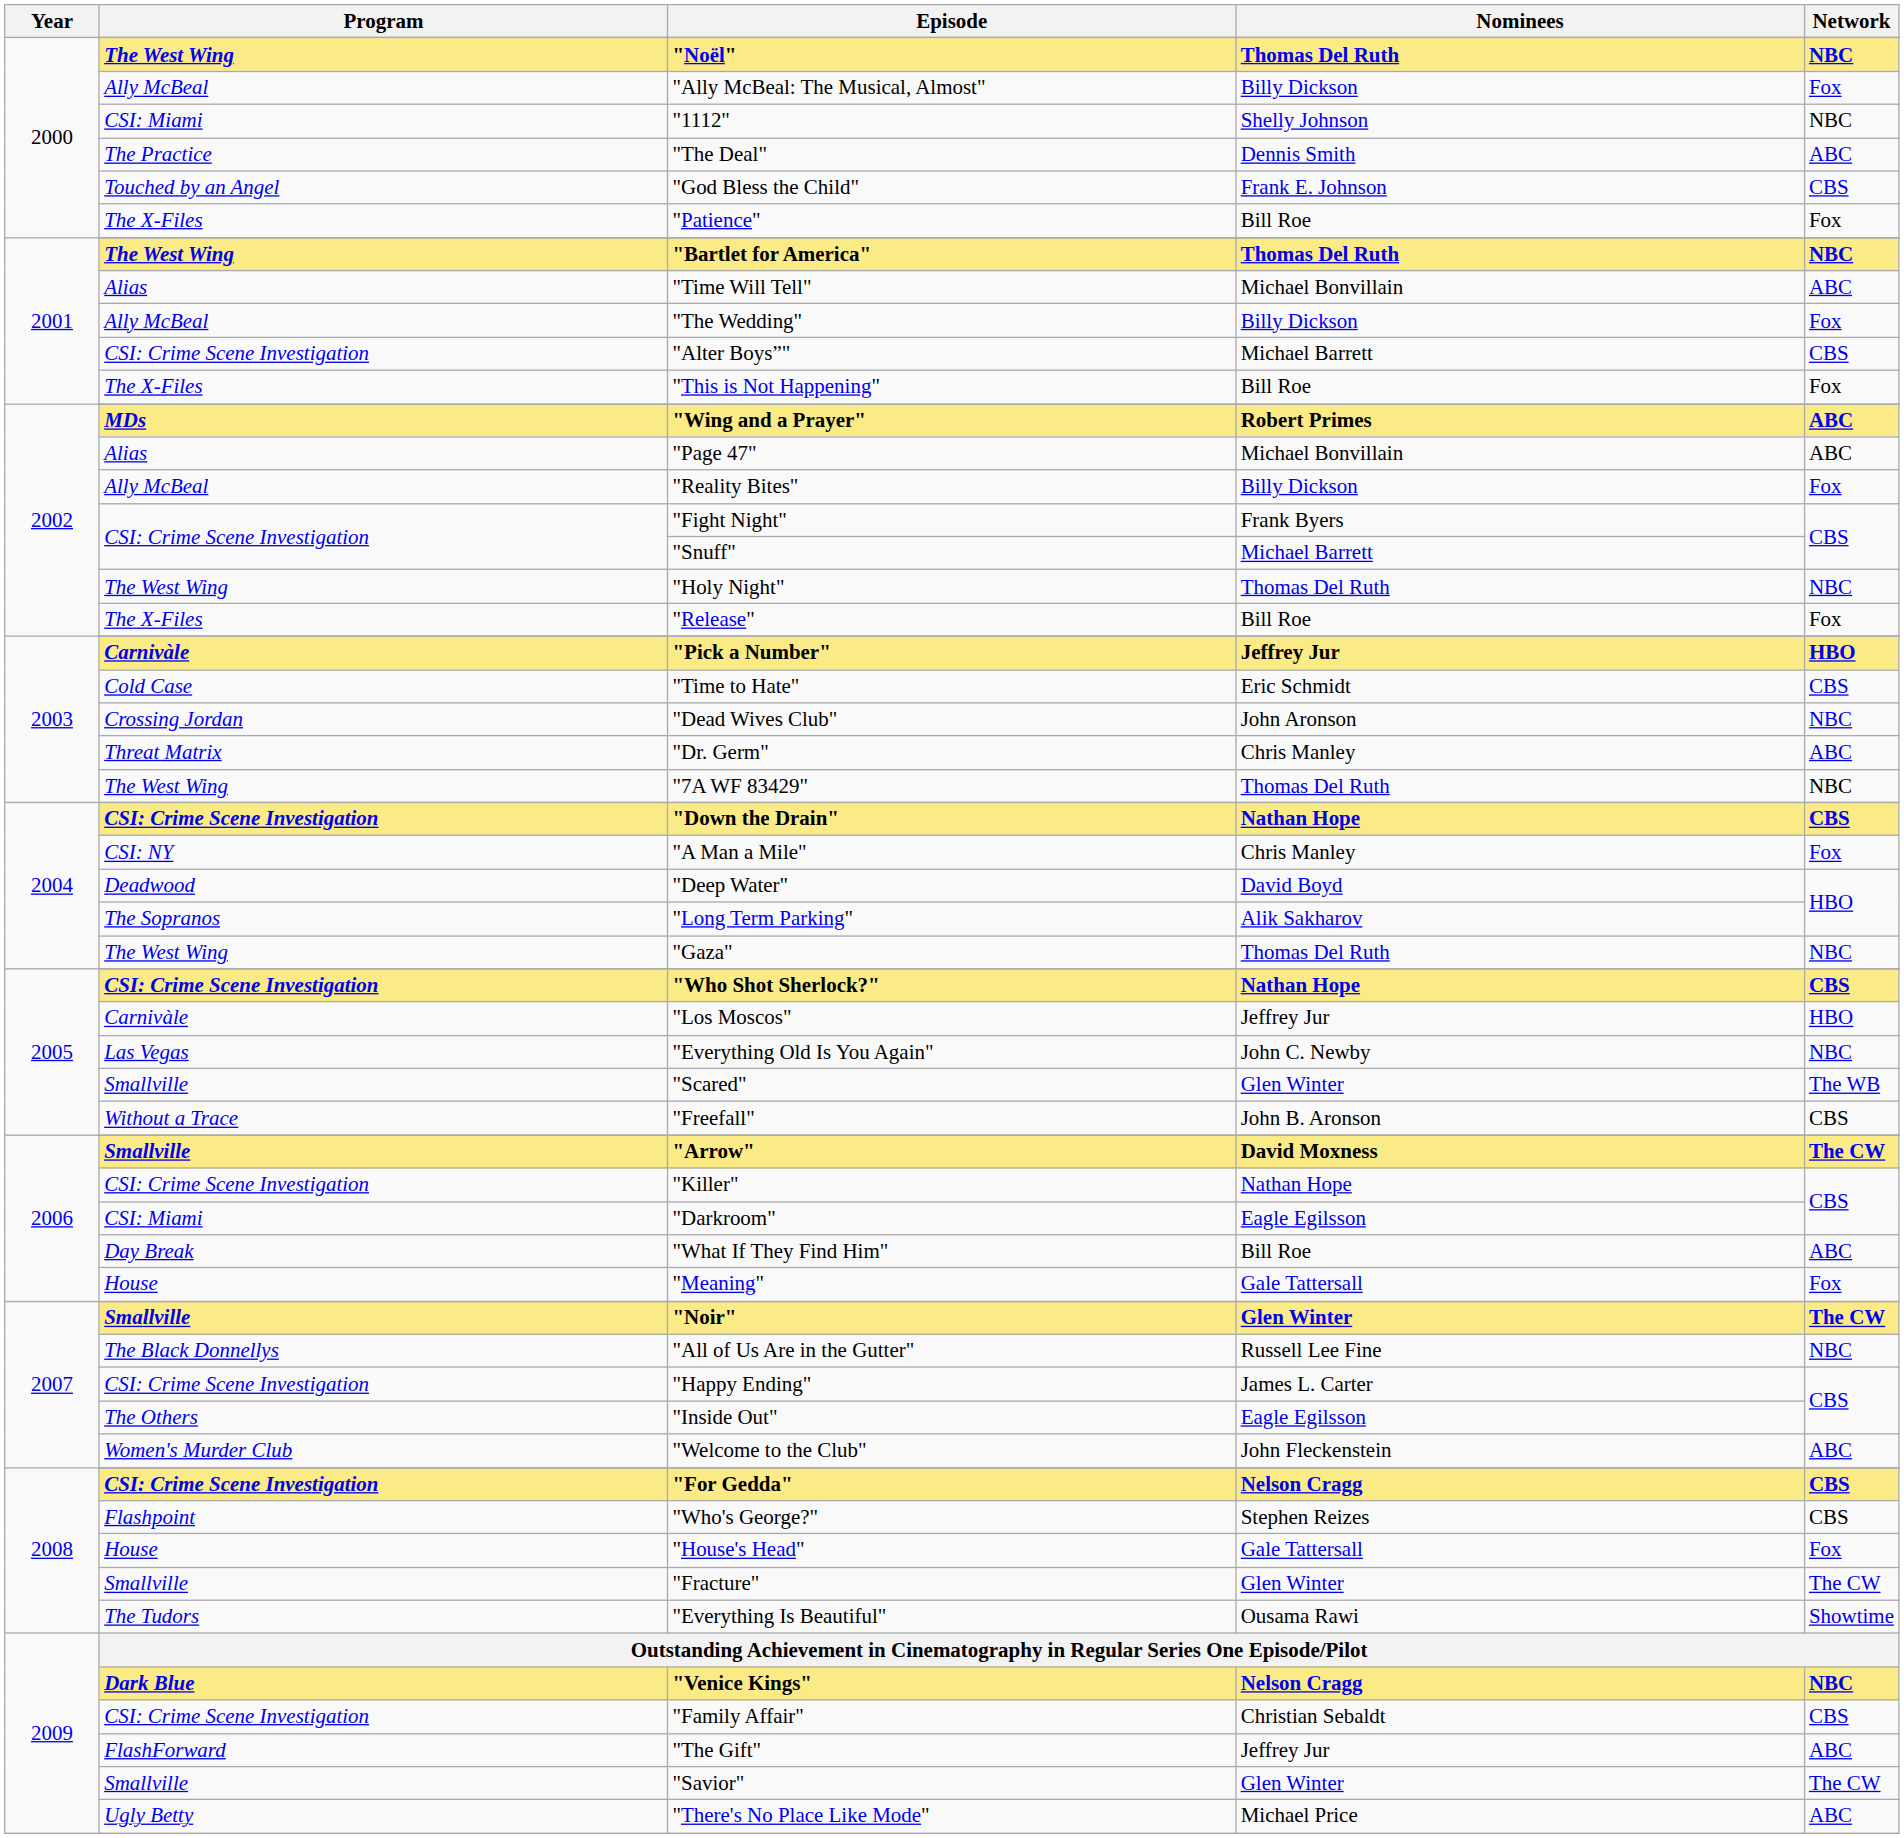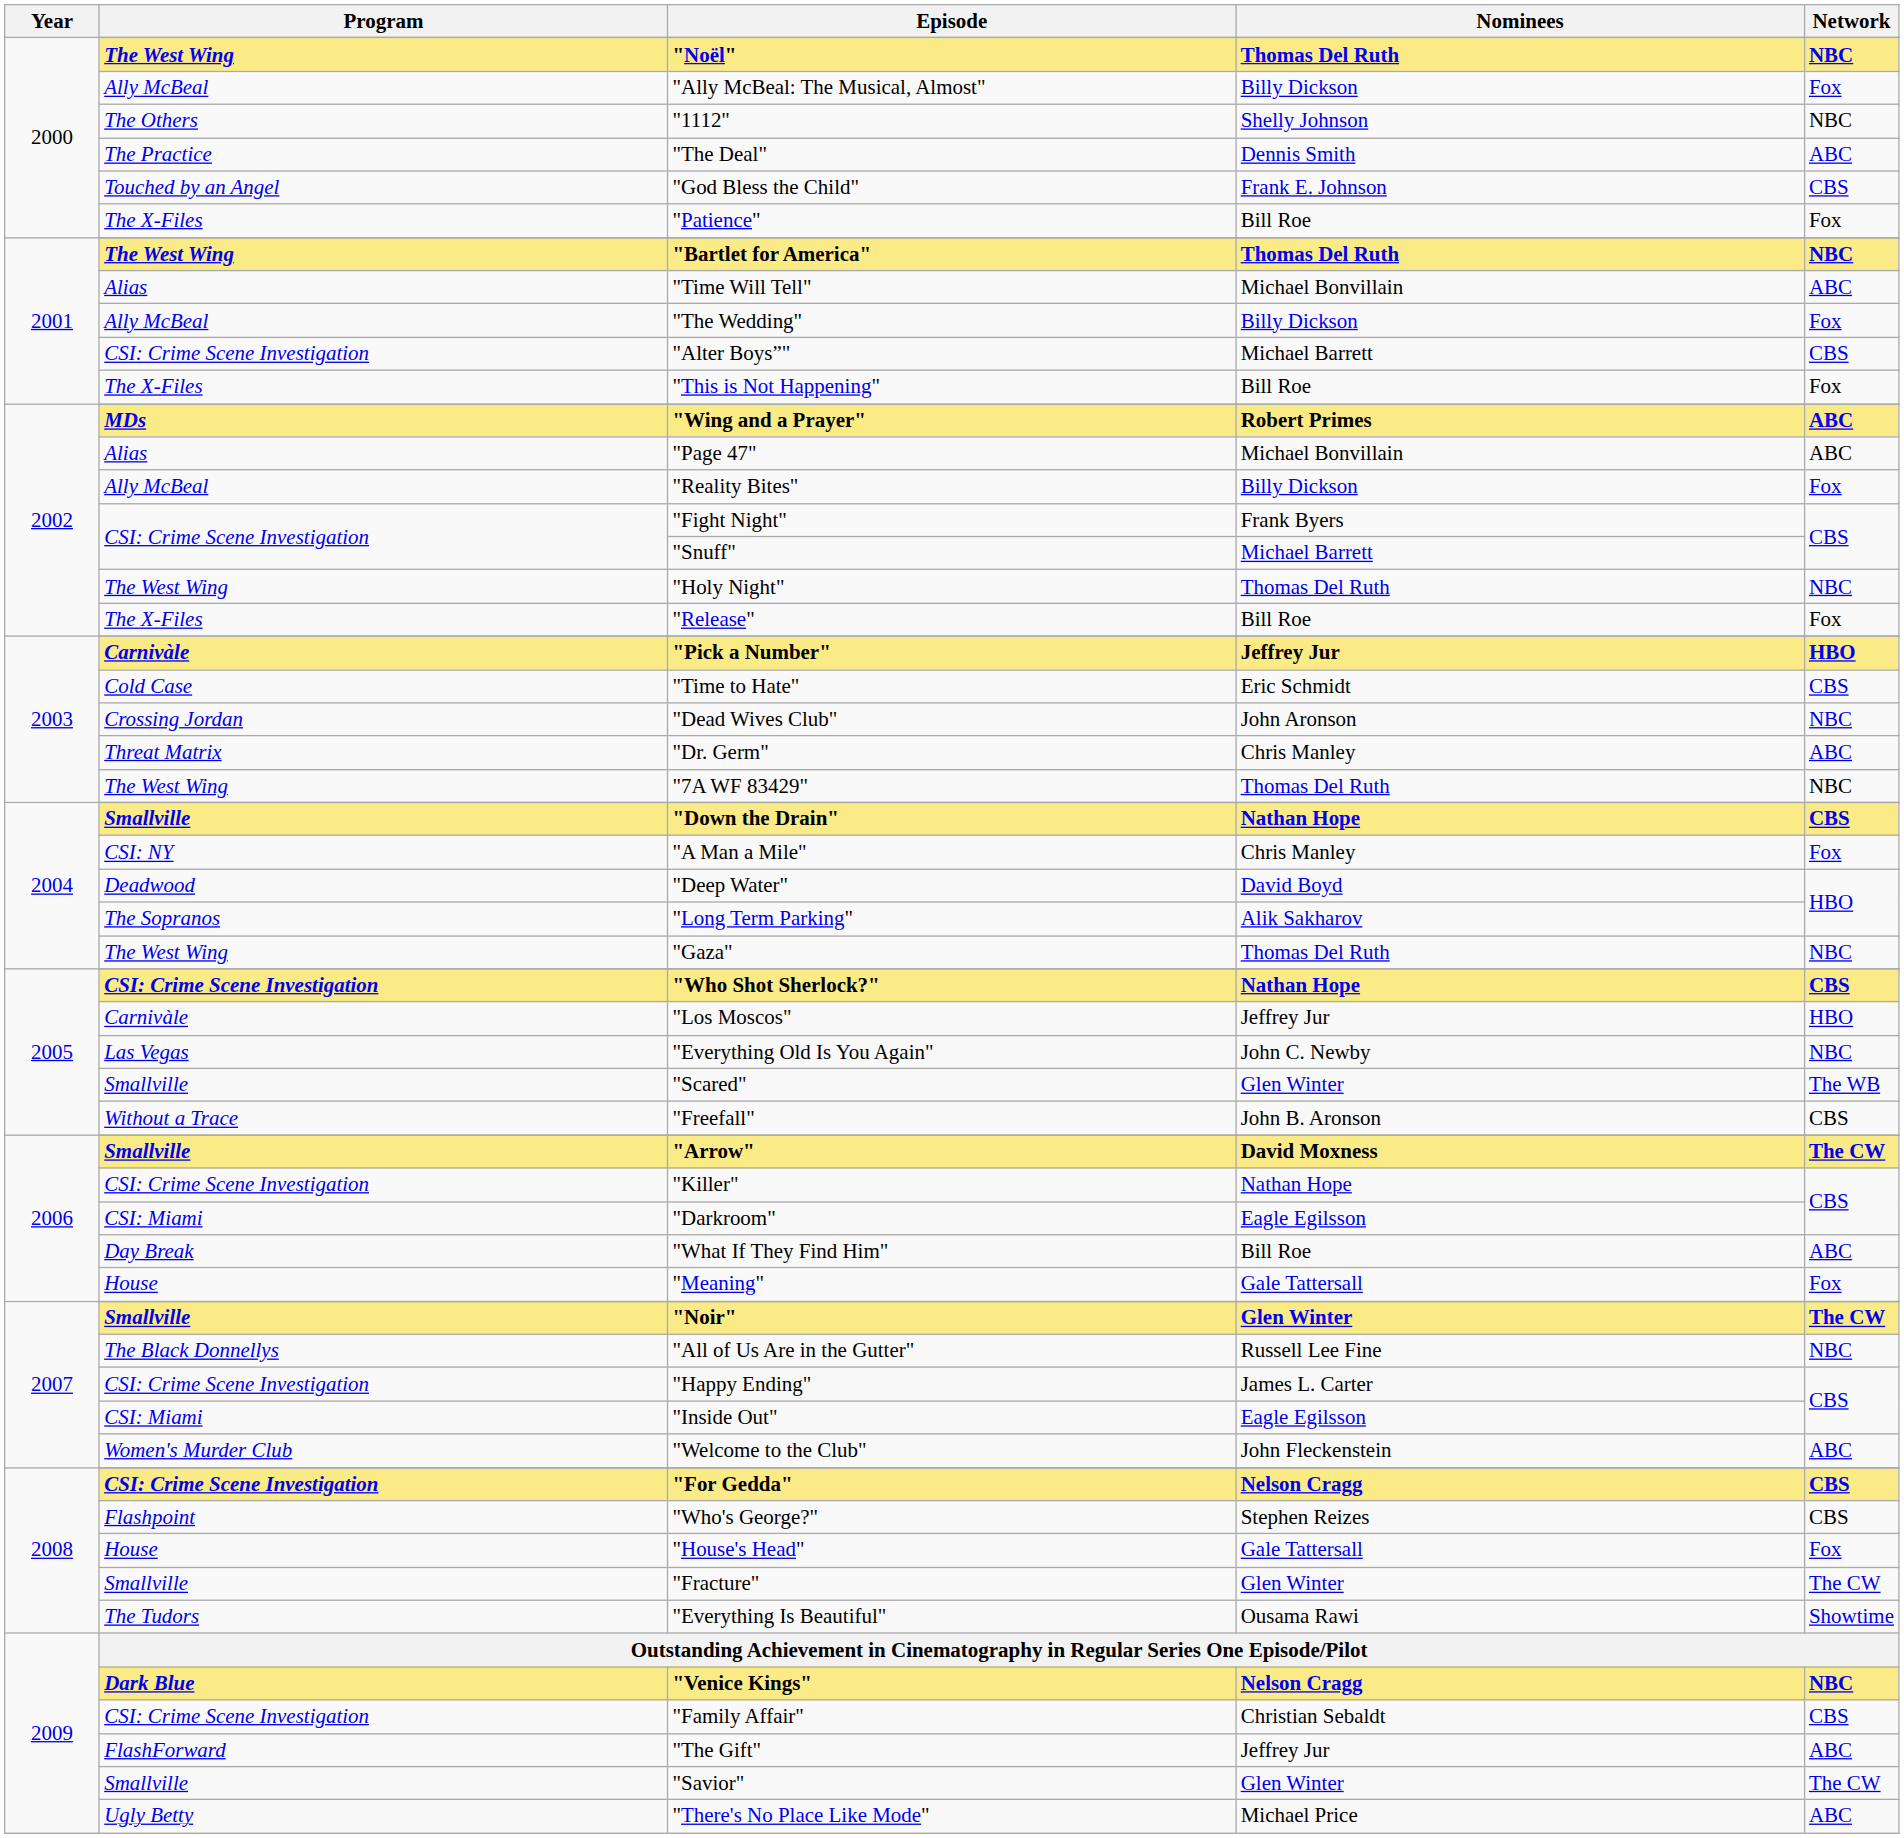 <table class="wikitable">
 <tr>
 <th width="5%">Year</th>
 <th width="30%">Program</th>
 <th width="30%">Episode</th>
 <th width="30%">Nominees</th>
 <th width="5%">Network</th>
 </tr>
 <tr>
 <td rowspan="7" style="text-align:center;">2000<br></td>
 </tr>
 <tr style="background:#FAEB86;">
 <td><strong><em><a href='#'>The West Wing</a></em></strong></td>
 <td><strong>"<a href='#'>Noël</a>"</strong></td>
 <td><strong><a href='#'>Thomas Del Ruth</a></strong></td>
 <td><strong><a href='#'>NBC</a></strong></td>
 </tr>
 <tr>
 <td><em><a href='#'>Ally McBeal</a></em></td>
 <td>"Ally McBeal: The Musical, Almost"</td>
 <td><a href='#'>Billy Dickson</a></td>
 <td><a href='#'>Fox</a></td>
 </tr>
 <tr>
-<td><em><a href='#'>CSI: Miami</a></em></td>
+<td><em><a href='#'>The Others</a></em></td>
 <td>"1112"</td>
 <td><a href='#'>Shelly Johnson</a></td>
 <td>NBC</td>
 </tr>
 <tr>
 <td><em><a href='#'>The Practice</a></em></td>
 <td>"The Deal"</td>
 <td><a href='#'>Dennis Smith</a></td>
 <td><a href='#'>ABC</a></td>
 </tr>
 <tr>
 <td><em><a href='#'>Touched by an Angel</a></em></td>
 <td>"God Bless the Child"</td>
 <td><a href='#'>Frank E. Johnson</a></td>
 <td><a href='#'>CBS</a></td>
 </tr>
 <tr>
 <td><em><a href='#'>The X-Files</a></em></td>
 <td>"<a href='#'>Patience</a>"</td>
 <td>Bill Roe</td>
 <td>Fox</td>
 </tr>
 <tr>
 <td rowspan="6" style="text-align:center;"><a href='#'>2001</a><br></td>
 </tr>
 <tr style="background:#FAEB86;">
 <td><strong><em><a href='#'>The West Wing</a></em></strong></td>
 <td><strong>"Bartlet for America"</strong></td>
 <td><strong><a href='#'>Thomas Del Ruth</a></strong></td>
 <td><strong><a href='#'>NBC</a></strong></td>
 </tr>
 <tr>
 <td><em><a href='#'>Alias</a></em></td>
 <td>"Time Will Tell"</td>
 <td>Michael Bonvillain</td>
 <td><a href='#'>ABC</a></td>
 </tr>
 <tr>
 <td><em><a href='#'>Ally McBeal</a></em></td>
 <td>"The Wedding"</td>
 <td><a href='#'>Billy Dickson</a></td>
 <td><a href='#'>Fox</a></td>
 </tr>
 <tr>
 <td><em><a href='#'>CSI: Crime Scene Investigation</a></em></td>
 <td>"Alter Boys”"</td>
 <td>Michael Barrett</td>
 <td><a href='#'>CBS</a></td>
 </tr>
 <tr>
 <td><em><a href='#'>The X-Files</a></em></td>
 <td>"<a href='#'>This is Not Happening</a>"</td>
 <td>Bill Roe</td>
 <td>Fox</td>
 </tr>
 <tr>
 <td rowspan="8" style="text-align:center;"><a href='#'>2002</a><br></td>
 </tr>
 <tr style="background:#FAEB86;">
 <td><strong><em><a href='#'>MDs</a></em></strong></td>
 <td><strong>"Wing and a Prayer"</strong></td>
 <td><strong>Robert Primes</strong></td>
 <td><strong><a href='#'>ABC</a></strong></td>
 </tr>
 <tr>
 <td><em><a href='#'>Alias</a></em></td>
 <td>"Page 47"</td>
 <td>Michael Bonvillain</td>
 <td>ABC</td>
 </tr>
 <tr>
 <td><em><a href='#'>Ally McBeal</a></em></td>
 <td>"Reality Bites"</td>
 <td><a href='#'>Billy Dickson</a></td>
 <td><a href='#'>Fox</a></td>
 </tr>
 <tr>
 <td rowspan=2><em><a href='#'>CSI: Crime Scene Investigation</a></em></td>
 <td>"Fight Night"</td>
 <td>Frank Byers</td>
 <td rowspan=2><a href='#'>CBS</a></td>
 </tr>
 <tr>
 <td>"Snuff"</td>
 <td><a href='#'>Michael Barrett</a></td>
 </tr>
 <tr>
 <td><em><a href='#'>The West Wing</a></em></td>
 <td>"Holy Night"</td>
 <td><a href='#'>Thomas Del Ruth</a></td>
 <td><a href='#'>NBC</a></td>
 </tr>
 <tr>
 <td><em><a href='#'>The X-Files</a></em></td>
 <td>"<a href='#'>Release</a>"</td>
 <td>Bill Roe</td>
 <td>Fox</td>
 </tr>
 <tr>
 <td rowspan="6" style="text-align:center;"><a href='#'>2003</a><br></td>
 </tr>
 <tr style="background:#FAEB86;">
 <td><strong><em><a href='#'>Carnivàle</a></em></strong></td>
 <td><strong>"Pick a Number"</strong></td>
 <td><strong>Jeffrey Jur</strong></td>
 <td><strong><a href='#'>HBO</a></strong></td>
 </tr>
 <tr>
 <td><em><a href='#'>Cold Case</a></em></td>
 <td>"Time to Hate"</td>
 <td>Eric Schmidt</td>
 <td><a href='#'>CBS</a></td>
 </tr>
 <tr>
 <td><em><a href='#'>Crossing Jordan</a></em></td>
 <td>"Dead Wives Club"</td>
 <td>John Aronson</td>
 <td><a href='#'>NBC</a></td>
 </tr>
 <tr>
 <td><em><a href='#'>Threat Matrix</a></em></td>
 <td>"Dr. Germ"</td>
 <td>Chris Manley</td>
 <td><a href='#'>ABC</a></td>
 </tr>
 <tr>
 <td><em><a href='#'>The West Wing</a></em></td>
 <td>"7A WF 83429"</td>
 <td><a href='#'>Thomas Del Ruth</a></td>
 <td>NBC</td>
 </tr>
 <tr>
 <td rowspan="6" style="text-align:center;"><a href='#'>2004</a><br></td>
 </tr>
 <tr style="background:#FAEB86;">
-<td><strong><em><a href='#'>CSI: Crime Scene Investigation</a></em></strong></td>
+<td><strong><em><a href='#'>Smallville</a></em></strong></td>
 <td><strong>"Down the Drain"</strong></td>
 <td><strong><a href='#'>Nathan Hope</a></strong></td>
 <td><strong><a href='#'>CBS</a></strong></td>
 </tr>
 <tr>
 <td><em><a href='#'>CSI: NY</a></em></td>
 <td>"A Man a Mile"</td>
 <td>Chris Manley</td>
 <td><a href='#'>Fox</a></td>
 </tr>
 <tr>
 <td><em><a href='#'>Deadwood</a></em></td>
 <td>"Deep Water"</td>
 <td><a href='#'>David Boyd</a></td>
 <td rowspan=2><a href='#'>HBO</a></td>
 </tr>
 <tr>
 <td><em><a href='#'>The Sopranos</a></em></td>
 <td>"<a href='#'>Long Term Parking</a>"</td>
 <td><a href='#'>Alik Sakharov</a></td>
 </tr>
 <tr>
 <td><em><a href='#'>The West Wing</a></em></td>
 <td>"Gaza"</td>
 <td><a href='#'>Thomas Del Ruth</a></td>
 <td><a href='#'>NBC</a></td>
 </tr>
 <tr>
 <td rowspan="6" style="text-align:center;"><a href='#'>2005</a><br></td>
 </tr>
 <tr style="background:#FAEB86;">
 <td><strong><em><a href='#'>CSI: Crime Scene Investigation</a></em></strong></td>
 <td><strong>"Who Shot Sherlock?"</strong></td>
 <td><strong><a href='#'>Nathan Hope</a></strong></td>
 <td><strong><a href='#'>CBS</a></strong></td>
 </tr>
 <tr>
 <td><em><a href='#'>Carnivàle</a></em></td>
 <td>"Los Moscos"</td>
 <td>Jeffrey Jur</td>
 <td><a href='#'>HBO</a></td>
 </tr>
 <tr>
 <td><em><a href='#'>Las Vegas</a></em></td>
 <td>"Everything Old Is You Again"</td>
 <td>John C. Newby</td>
 <td><a href='#'>NBC</a></td>
 </tr>
 <tr>
 <td><em><a href='#'>Smallville</a></em></td>
 <td>"Scared"</td>
 <td><a href='#'>Glen Winter</a></td>
 <td><a href='#'>The WB</a></td>
 </tr>
 <tr>
 <td><em><a href='#'>Without a Trace</a></em></td>
 <td>"Freefall"</td>
 <td>John B. Aronson</td>
 <td>CBS</td>
 </tr>
 <tr>
 <td rowspan="6" style="text-align:center;"><a href='#'>2006</a><br></td>
 </tr>
 <tr style="background:#FAEB86;">
 <td><strong><em><a href='#'>Smallville</a></em></strong></td>
 <td><strong>"Arrow"</strong></td>
 <td><strong>David Moxness</strong></td>
 <td><strong><a href='#'>The CW</a></strong></td>
 </tr>
 <tr>
 <td><em><a href='#'>CSI: Crime Scene Investigation</a></em></td>
 <td>"Killer"</td>
 <td><a href='#'>Nathan Hope</a></td>
 <td rowspan=2><a href='#'>CBS</a></td>
 </tr>
 <tr>
 <td><em><a href='#'>CSI: Miami</a></em></td>
 <td>"Darkroom"</td>
 <td><a href='#'>Eagle Egilsson</a></td>
 </tr>
 <tr>
 <td><em><a href='#'>Day Break</a></em></td>
 <td>"What If They Find Him"</td>
 <td>Bill Roe</td>
 <td><a href='#'>ABC</a></td>
 </tr>
 <tr>
 <td><em><a href='#'>House</a></em></td>
 <td>"<a href='#'>Meaning</a>"</td>
 <td><a href='#'>Gale Tattersall</a></td>
 <td><a href='#'>Fox</a></td>
 </tr>
 <tr>
 <td rowspan="6" style="text-align:center;"><a href='#'>2007</a><br></td>
 </tr>
 <tr style="background:#FAEB86;">
 <td><strong><em><a href='#'>Smallville</a></em></strong></td>
 <td><strong>"Noir"</strong></td>
 <td><strong><a href='#'>Glen Winter</a></strong></td>
 <td><strong><a href='#'>The CW</a></strong></td>
 </tr>
 <tr>
 <td><em><a href='#'>The Black Donnellys</a></em></td>
 <td>"All of Us Are in the Gutter"</td>
 <td>Russell Lee Fine</td>
 <td><a href='#'>NBC</a></td>
 </tr>
 <tr>
 <td><em><a href='#'>CSI: Crime Scene Investigation</a></em></td>
 <td>"Happy Ending"</td>
 <td>James L. Carter</td>
 <td rowspan=2><a href='#'>CBS</a></td>
 </tr>
 <tr>
-<td><em><a href='#'>The Others</a></em></td>
+<td><em><a href='#'>CSI: Miami</a></em></td>
 <td>"Inside Out"</td>
 <td><a href='#'>Eagle Egilsson</a></td>
 </tr>
 <tr>
 <td><em><a href='#'>Women's Murder Club</a></em></td>
 <td>"Welcome to the Club"</td>
 <td>John Fleckenstein</td>
 <td><a href='#'>ABC</a></td>
 </tr>
 <tr>
 <td rowspan="6" style="text-align:center;"><a href='#'>2008</a><br></td>
 </tr>
 <tr style="background:#FAEB86;">
 <td><strong><em><a href='#'>CSI: Crime Scene Investigation</a></em></strong></td>
 <td><strong>"For Gedda"</strong></td>
 <td><strong><a href='#'>Nelson Cragg</a></strong></td>
 <td><strong><a href='#'>CBS</a></strong></td>
 </tr>
 <tr>
 <td><em><a href='#'>Flashpoint</a></em></td>
 <td>"Who's George?"</td>
 <td>Stephen Reizes</td>
 <td>CBS</td>
 </tr>
 <tr>
 <td><em><a href='#'>House</a></em></td>
 <td>"<a href='#'>House's Head</a>"</td>
 <td><a href='#'>Gale Tattersall</a></td>
 <td><a href='#'>Fox</a></td>
 </tr>
 <tr>
 <td><em><a href='#'>Smallville</a></em></td>
 <td>"Fracture"</td>
 <td><a href='#'>Glen Winter</a></td>
 <td><a href='#'>The CW</a></td>
 </tr>
 <tr>
 <td><em><a href='#'>The Tudors</a></em></td>
 <td>"Everything Is Beautiful"</td>
 <td>Ousama Rawi</td>
 <td><a href='#'>Showtime</a></td>
 </tr>
 <tr>
 <td rowspan="6" style="text-align:center;"><a href='#'>2009</a><br></td>
 <th colspan="4">Outstanding Achievement in Cinematography in Regular Series One Episode/Pilot</th>
 </tr>
 <tr style="background:#FAEB86;">
 <td><strong><em><a href='#'>Dark Blue</a></em></strong></td>
 <td><strong>"Venice Kings"</strong></td>
 <td><strong><a href='#'>Nelson Cragg</a></strong></td>
 <td><strong><a href='#'>NBC</a></strong></td>
 </tr>
 <tr>
 <td><em><a href='#'>CSI: Crime Scene Investigation</a></em></td>
 <td>"Family Affair"</td>
 <td>Christian Sebaldt</td>
 <td><a href='#'>CBS</a></td>
 </tr>
 <tr>
 <td><em><a href='#'>FlashForward</a></em></td>
 <td>"The Gift"</td>
 <td>Jeffrey Jur</td>
 <td><a href='#'>ABC</a></td>
 </tr>
 <tr>
 <td><em><a href='#'>Smallville</a></em></td>
 <td>"Savior"</td>
 <td><a href='#'>Glen Winter</a></td>
 <td><a href='#'>The CW</a></td>
 </tr>
 <tr>
 <td><em><a href='#'>Ugly Betty</a></em></td>
 <td>"<a href='#'>There's No Place Like Mode</a>"</td>
 <td>Michael Price</td>
 <td><a href='#'>ABC</a></td>
 </tr>
 <tr>
 </tr>
 </table>
